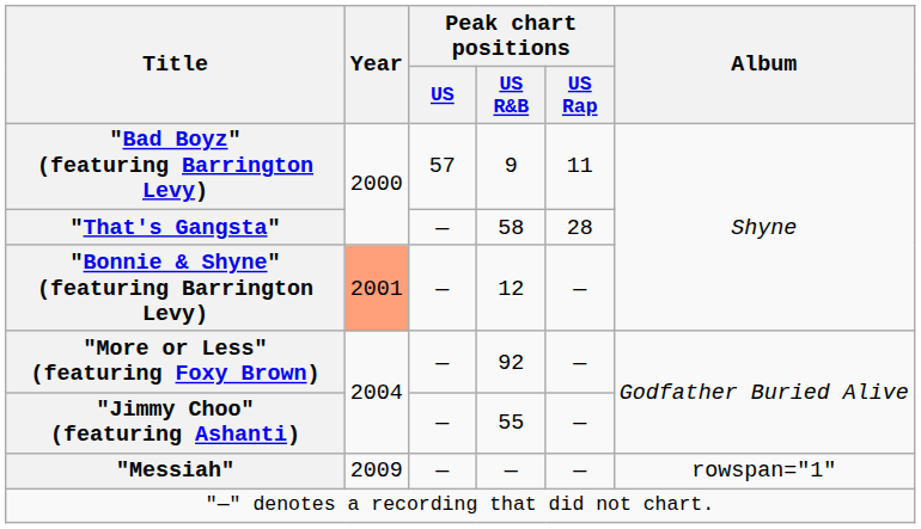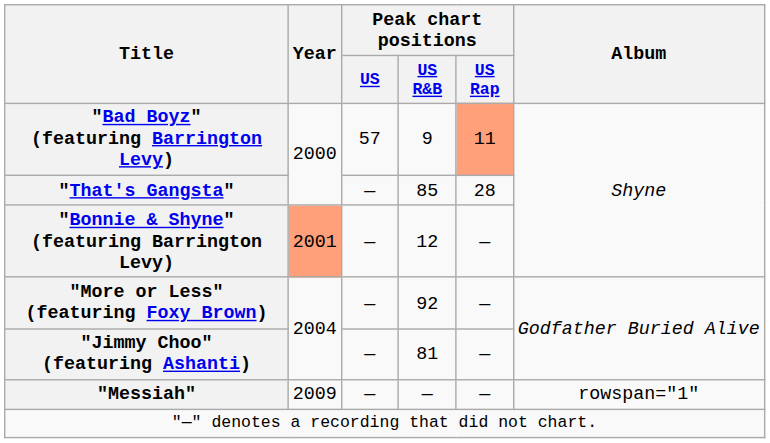 <table class="wikitable plainrowheaders" style="text-align:center;">
 <tr>
 <th scope="col" rowspan="2" style="width:15em;">Title</th>
 <th scope="col" rowspan="2">Year</th>
 <th scope="col" colspan="3">Peak chart positions</th>
 <th scope="col" rowspan="2">Album</th>
 </tr>
 <tr>
 <th style="width:3em;font-size:90%;"><a href='#'>US</a><br></th>
 <th style="width:3em;font-size:90%;"><a href='#'>US<br>R&B</a><br></th>
 <th style="width:3em;font-size:90%;"><a href='#'>US<br>Rap</a><br></th>
 </tr>
 <tr>
 <th scope="row">"<a href='#'>Bad Boyz</a>"<br><span>(featuring <a href='#'>Barrington Levy</a>)</span></th>
 <td rowspan="2">2000</td>
 <td>57</td>
 <td>9</td>
-<td>11</td>
+<td style="background: lightsalmon;">11</td>
 <td rowspan="3"><em>Shyne</em></td>
 </tr>
 <tr>
 <th scope="row">"<a href='#'>That's Gangsta</a>"</th>
 <td>—</td>
-<td>58</td>
+<td>85</td>
 <td>28</td>
 </tr>
 <tr>
 <th scope="row">"<a href='#'>Bonnie & Shyne</a>"<br><span>(featuring Barrington Levy)</span></th>
 <td style="background: lightsalmon;">2001</td>
 <td>—</td>
 <td>12</td>
 <td>—</td>
 </tr>
 <tr>
 <th scope="row">"More or Less"<br><span>(featuring <a href='#'>Foxy Brown</a>)</span></th>
 <td rowspan="2">2004</td>
 <td>—</td>
 <td>92</td>
 <td>—</td>
 <td rowspan="2"><em>Godfather Buried Alive</em></td>
 </tr>
 <tr>
 <th scope="row">"Jimmy Choo"<br><span>(featuring <a href='#'>Ashanti</a>)</span></th>
 <td>—</td>
-<td>55</td>
+<td>81</td>
 <td>—</td>
 </tr>
 <tr>
 <th scope="row">"Messiah"</th>
 <td>2009</td>
 <td>—</td>
 <td>—</td>
 <td>—</td>
 <td>rowspan="1" </td>
 </tr>
 <tr>
 <td colspan="14" style="font-size:90%">"—" denotes a recording that did not chart.</td>
 </tr>
 </table>
